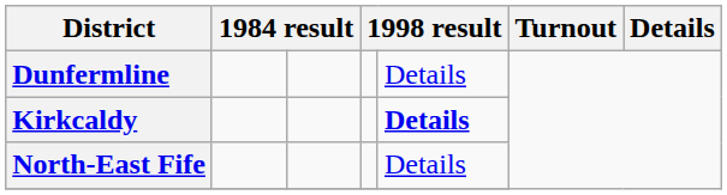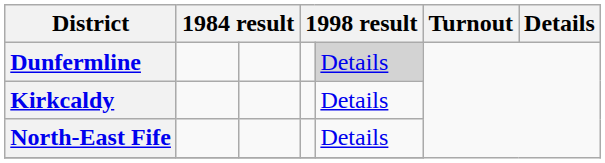 <table class="wikitable">
 <tr>
 <th scope="col">District</th>
 <th scope="col" colspan="2">1984 result</th>
 <th scope="col" colspan="2">1998 result</th>
 <th scope="col">Turnout</th>
 <th scope="col">Details</th>
 </tr>
 <tr>
 <th scope="row" style="text-align: left;"><a href='#'>Dunfermline</a></th>
 <td></td>
 <td></td>
 <td></td>
-<td><a href='#'>Details</a></td>
+<td style="background: lightgrey;"><a href='#'>Details</a></td>
 </tr>
 <tr>
 <th scope="row" style="text-align: left;"><a href='#'>Kirkcaldy</a></th>
 <td></td>
 <td></td>
 <td></td>
-<td><strong><a href='#'>Details</a></strong></td>
+<td><a href='#'>Details</a></td>
 </tr>
 <tr>
 <th scope="row" style="text-align: left;"><a href='#'>North-East Fife</a></th>
 <td></td>
 <td></td>
 <td></td>
 <td><a href='#'>Details</a></td>
 </tr>
 <tr>
 </tr>
 </table>
